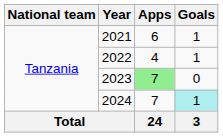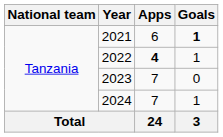 <table class="wikitable" style="text-align: center;">
 <tr>
 <th>National team</th>
 <th>Year</th>
 <th>Apps</th>
 <th>Goals</th>
 </tr>
 <tr>
 <td rowspan="4"><a href='#'>Tanzania</a></td>
 <td>2021</td>
 <td>6</td>
-<td>1</td>
+<td><strong>1</strong></td>
 </tr>
 <tr>
 <td>2022</td>
-<td>4</td>
+<td><strong>4</strong></td>
 <td>1</td>
 </tr>
 <tr>
 <td>2023</td>
-<td style="background: lightgreen;">7</td>
+<td>7</td>
 <td>0</td>
 </tr>
 <tr>
 <td>2024</td>
 <td>7</td>
-<td style="background: paleturquoise;">1</td>
+<td>1</td>
 </tr>
 <tr>
 <th colspan="2">Total</th>
 <th>24</th>
 <th>3</th>
 </tr>
 </table>
